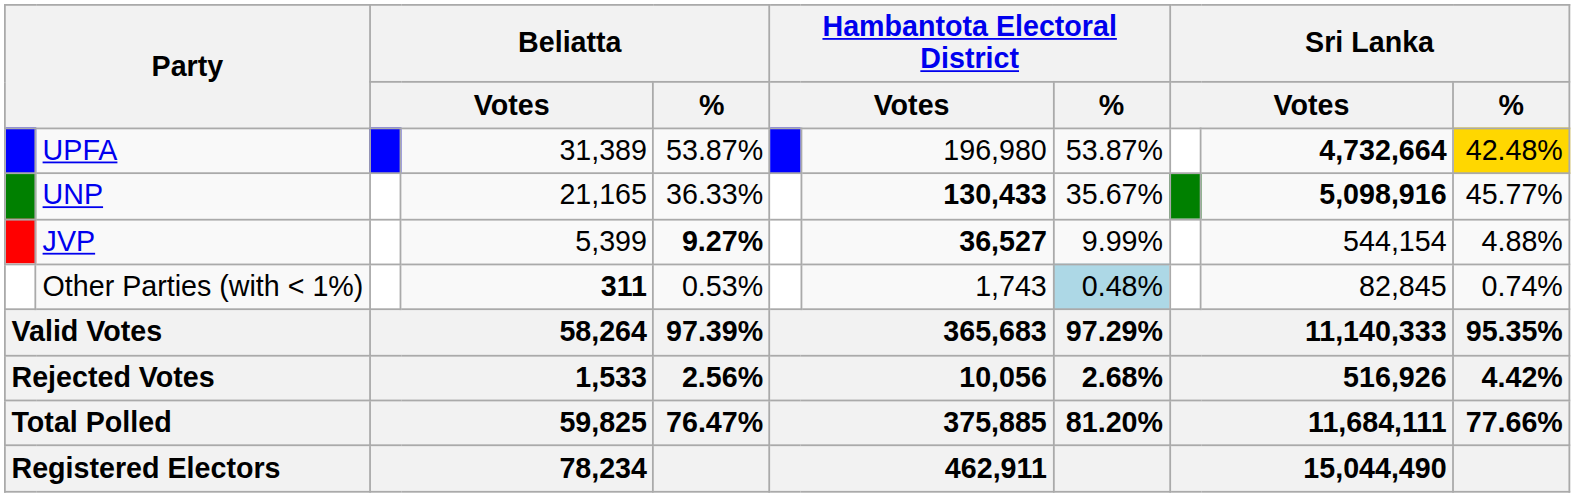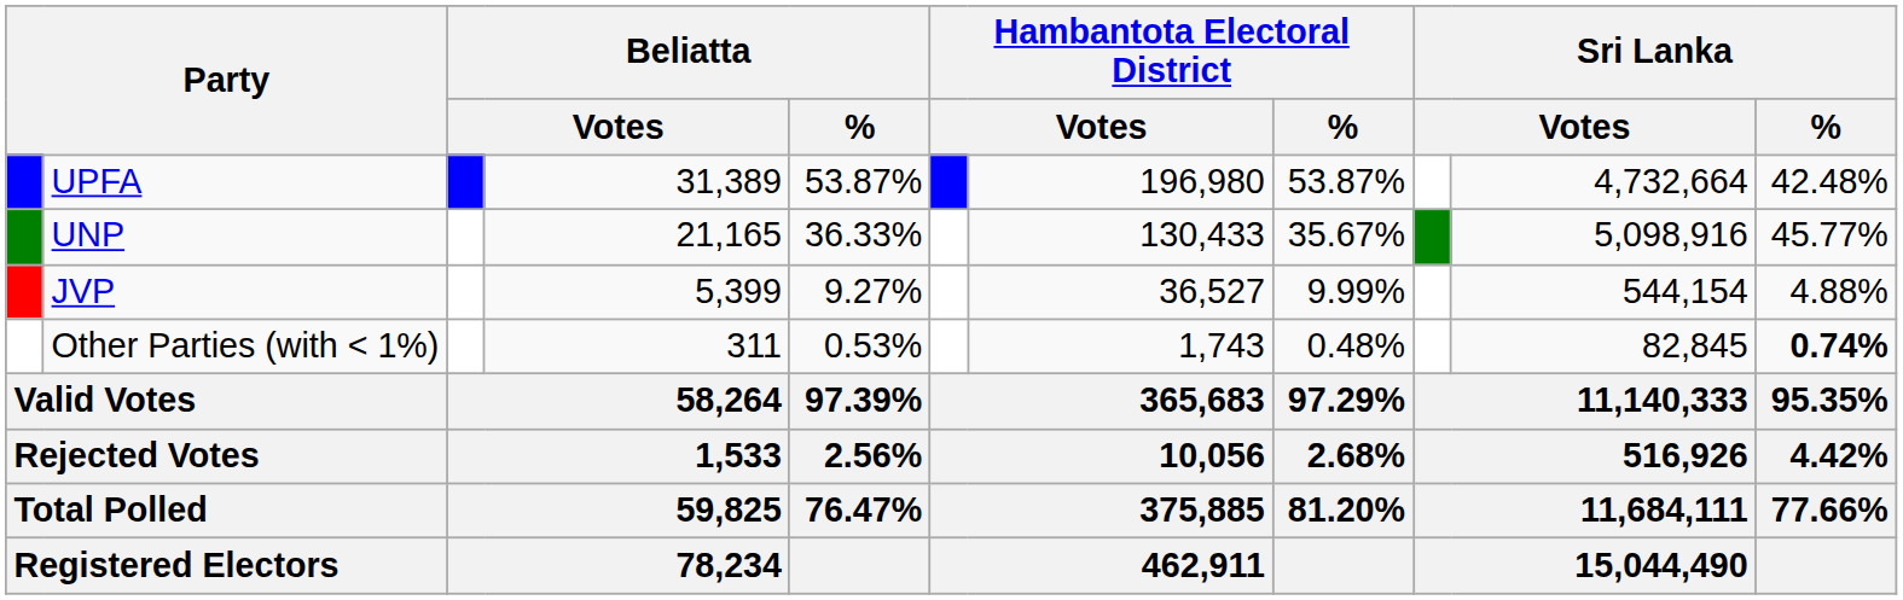 <table class="wikitable">
 <tr>
 <th colspan="2" width="144px"rowspan="2">Party</th>
 <th colspan="3" width="216px">Beliatta</th>
 <th colspan="3" width="216px"><a href='#'>Hambantota Electoral District</a></th>
 <th colspan="3" width="216px">Sri Lanka</th>
 </tr>
 <tr>
 <th colspan="2" width="144px">Votes</th>
 <th>%</th>
 <th colspan="2" width="144px">Votes</th>
 <th>%</th>
 <th colspan="2" width="144px">Votes</th>
 <th>%</th>
 </tr>
 <tr>
 <td style="background-color:blue;" width="10px"></td>
 <td style="text-align:left;"><a href='#'>UPFA</a></td>
 <td style="background-color:blue;" width="10px"></td>
 <td style="text-align:right;">31,389</td>
 <td style="text-align:right;">53.87%</td>
 <td style="background-color:blue;" width="10px"></td>
 <td style="text-align:right;">196,980</td>
 <td style="text-align:right;">53.87%</td>
 <td style="background-color:white;" width="10px"></td>
-<td style="text-align:right;"><strong>4,732,664</strong></td>
-<td style="background: gold; text-align:right;">42.48%</td>
+<td style="text-align:right;">4,732,664</td>
+<td style="text-align:right;">42.48%</td>
 </tr>
 <tr>
 <td style="background-color:green;" width="10px"></td>
 <td style="text-align:left;"><a href='#'>UNP</a></td>
 <td style="background-color:white;" width="10px"></td>
 <td style="text-align:right;">21,165</td>
 <td style="text-align:right;">36.33%</td>
 <td style="background-color:white;" width="10px"></td>
-<td style="text-align:right;"><strong>130,433</strong></td>
+<td style="text-align:right;">130,433</td>
 <td style="text-align:right;">35.67%</td>
 <td style="background-color:green;" width="10px"></td>
-<td style="text-align:right;"><strong>5,098,916</strong></td>
+<td style="text-align:right;">5,098,916</td>
 <td style="text-align:right;">45.77%</td>
 </tr>
 <tr>
 <td style="background-color:red;" width="10px"></td>
 <td style="text-align:left;"><a href='#'>JVP</a></td>
 <td style="background-color:white;" width="10px"></td>
 <td style="text-align:right;">5,399</td>
-<td style="text-align:right;"><strong>9.27%</strong></td>
+<td style="text-align:right;">9.27%</td>
 <td style="background-color:white;" width="10px"></td>
-<td style="text-align:right;"><strong>36,527</strong></td>
+<td style="text-align:right;">36,527</td>
 <td style="text-align:right;">9.99%</td>
 <td style="background-color:white;" width="10px"></td>
 <td style="text-align:right;">544,154</td>
 <td style="text-align:right;">4.88%</td>
 </tr>
 <tr>
 <td style="background-color:white;" width="10px"></td>
 <td style="text-align:left;">Other Parties (with < 1%)</td>
 <td style="background-color:white;" width="10px"></td>
-<td style="text-align:right;"><strong>311</strong></td>
+<td style="text-align:right;">311</td>
 <td style="text-align:right;">0.53%</td>
 <td style="background-color:white;" width="10px"></td>
 <td style="text-align:right;">1,743</td>
-<td style="background: lightblue; text-align:right;">0.48%</td>
+<td style="text-align:right;">0.48%</td>
 <td style="background-color:white;" width="10px"></td>
 <td style="text-align:right;">82,845</td>
-<td style="text-align:right;">0.74%</td>
+<td style="text-align:right;"><strong>0.74%</strong></td>
 </tr>
 <tr>
 <th colspan="2" width="144px"style="text-align:left;">Valid Votes</th>
 <th style="text-align:right;"colspan="2" width="144px">58,264</th>
 <th style="text-align:right;">97.39%</th>
 <th style="text-align:right;"colspan="2" width="144px">365,683</th>
 <th style="text-align:right;">97.29%</th>
 <th style="text-align:right;"colspan="2" width="144px">11,140,333</th>
 <th style="text-align:right;">95.35%</th>
 </tr>
 <tr>
 <th colspan="2" width="144px"style="text-align:left;">Rejected Votes</th>
 <th style="text-align:right;"colspan="2" width="144px">1,533</th>
 <th style="text-align:right;">2.56%</th>
 <th style="text-align:right;"colspan="2" width="144px">10,056</th>
 <th style="text-align:right;">2.68%</th>
 <th style="text-align:right;"colspan="2" width="144px">516,926</th>
 <th style="text-align:right;">4.42%</th>
 </tr>
 <tr>
 <th colspan="2" width="144px"style="text-align:left;">Total Polled</th>
 <th style="text-align:right;"colspan="2" width="144px">59,825</th>
 <th style="text-align:right;">76.47%</th>
 <th style="text-align:right;"colspan="2" width="144px">375,885</th>
 <th style="text-align:right;">81.20%</th>
 <th style="text-align:right;"colspan="2" width="144px">11,684,111</th>
 <th style="text-align:right;">77.66%</th>
 </tr>
 <tr>
 <th colspan="2" width="144px"style="text-align:left;">Registered Electors</th>
 <th style="text-align:right;"colspan="2" width="144px">78,234</th>
 <th></th>
 <th style="text-align:right;"colspan="2" width="144px">462,911</th>
 <th></th>
 <th style="text-align:right;"colspan="2" width="144px">15,044,490</th>
 <th></th>
 </tr>
 </table>
